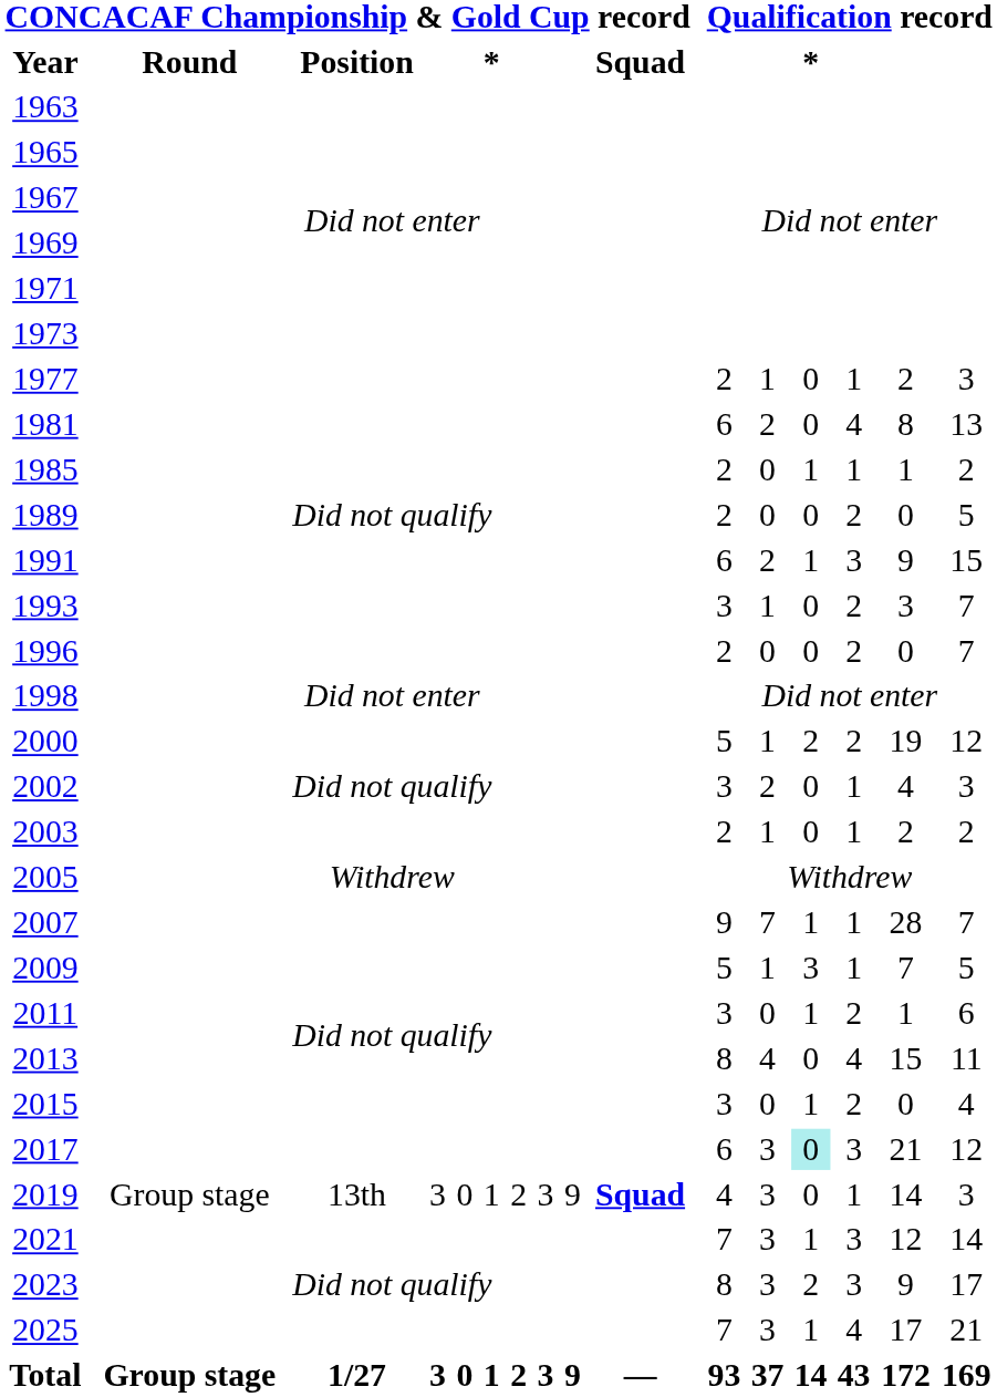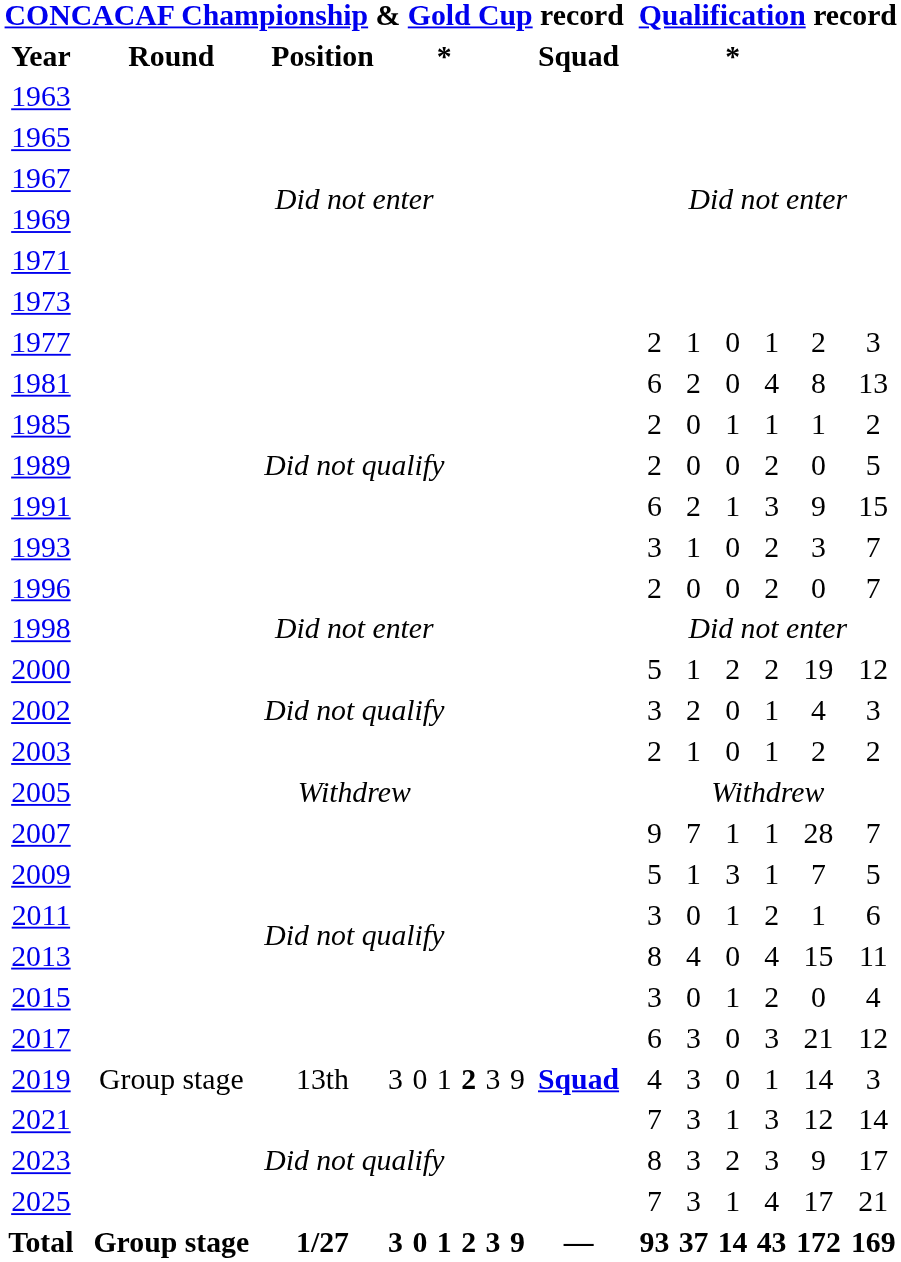 <table style="text-align: center;">
 <tr>
 <th colspan=10><a href='#'>CONCACAF Championship</a> & <a href='#'>Gold Cup</a> record</th>
 <th rowspan="31"></th>
 <th colspan=7><a href='#'>Qualification</a> record</th>
 </tr>
 <tr>
 <th>Year</th>
 <th>Round</th>
 <th>Position</th>
 <th></th>
 <th></th>
 <th>*</th>
 <th></th>
 <th></th>
 <th></th>
 <th>Squad</th>
 <th></th>
 <th></th>
 <th>*</th>
 <th></th>
 <th></th>
 <th></th>
 </tr>
 <tr>
 <td> <a href='#'>1963</a></td>
 <td colspan=9 rowspan=6><em>Did not enter</em></td>
 <td colspan=6 rowspan=6><em>Did not enter</em></td>
 </tr>
 <tr>
 <td> <a href='#'>1965</a></td>
 </tr>
 <tr>
 <td> <a href='#'>1967</a></td>
 </tr>
 <tr>
 <td> <a href='#'>1969</a></td>
 </tr>
 <tr>
 <td> <a href='#'>1971</a></td>
 </tr>
 <tr>
 <td> <a href='#'>1973</a></td>
 </tr>
 <tr>
 <td> <a href='#'>1977</a></td>
 <td colspan=9 rowspan=7><em>Did not qualify</em></td>
 <td>2</td>
 <td>1</td>
 <td>0</td>
 <td>1</td>
 <td>2</td>
 <td>3</td>
 </tr>
 <tr>
 <td> <a href='#'>1981</a></td>
 <td>6</td>
 <td>2</td>
 <td>0</td>
 <td>4</td>
 <td>8</td>
 <td>13</td>
 </tr>
 <tr>
 <td><a href='#'>1985</a></td>
 <td>2</td>
 <td>0</td>
 <td>1</td>
 <td>1</td>
 <td>1</td>
 <td>2</td>
 </tr>
 <tr>
 <td><a href='#'>1989</a></td>
 <td>2</td>
 <td>0</td>
 <td>0</td>
 <td>2</td>
 <td>0</td>
 <td>5</td>
 </tr>
 <tr>
 <td> <a href='#'>1991</a></td>
 <td>6</td>
 <td>2</td>
 <td>1</td>
 <td>3</td>
 <td>9</td>
 <td>15</td>
 </tr>
 <tr>
 <td>  <a href='#'>1993</a></td>
 <td>3</td>
 <td>1</td>
 <td>0</td>
 <td>2</td>
 <td>3</td>
 <td>7</td>
 </tr>
 <tr>
 <td> <a href='#'>1996</a></td>
 <td>2</td>
 <td>0</td>
 <td>0</td>
 <td>2</td>
 <td>0</td>
 <td>7</td>
 </tr>
 <tr>
 <td> <a href='#'>1998</a></td>
 <td colspan=9><em>Did not enter</em></td>
 <td colspan=6><em>Did not enter</em></td>
 </tr>
 <tr>
 <td> <a href='#'>2000</a></td>
 <td colspan=9 rowspan=3><em>Did not qualify</em></td>
 <td>5</td>
 <td>1</td>
 <td>2</td>
 <td>2</td>
 <td>19</td>
 <td>12</td>
 </tr>
 <tr>
 <td> <a href='#'>2002</a></td>
 <td>3</td>
 <td>2</td>
 <td>0</td>
 <td>1</td>
 <td>4</td>
 <td>3</td>
 </tr>
 <tr>
 <td>  <a href='#'>2003</a></td>
 <td>2</td>
 <td>1</td>
 <td>0</td>
 <td>1</td>
 <td>2</td>
 <td>2</td>
 </tr>
 <tr>
 <td> <a href='#'>2005</a></td>
 <td colspan=9><em>Withdrew</em></td>
 <td colspan=6><em>Withdrew</em></td>
 </tr>
 <tr>
 <td> <a href='#'>2007</a></td>
 <td colspan=9 rowspan=6><em>Did not qualify</em></td>
 <td>9</td>
 <td>7</td>
 <td>1</td>
 <td>1</td>
 <td>28</td>
 <td>7</td>
 </tr>
 <tr>
 <td> <a href='#'>2009</a></td>
 <td>5</td>
 <td>1</td>
 <td>3</td>
 <td>1</td>
 <td>7</td>
 <td>5</td>
 </tr>
 <tr>
 <td> <a href='#'>2011</a></td>
 <td>3</td>
 <td>0</td>
 <td>1</td>
 <td>2</td>
 <td>1</td>
 <td>6</td>
 </tr>
 <tr>
 <td> <a href='#'>2013</a></td>
 <td>8</td>
 <td>4</td>
 <td>0</td>
 <td>4</td>
 <td>15</td>
 <td>11</td>
 </tr>
 <tr>
 <td>  <a href='#'>2015</a></td>
 <td>3</td>
 <td>0</td>
 <td>1</td>
 <td>2</td>
 <td>0</td>
 <td>4</td>
 </tr>
 <tr>
 <td> <a href='#'>2017</a></td>
 <td>6</td>
 <td>3</td>
-<td style="background: paleturquoise;">0</td>
+<td>0</td>
 <td>3</td>
 <td>21</td>
 <td>12</td>
 </tr>
 <tr>
 <td>   <a href='#'>2019</a></td>
 <td>Group stage</td>
 <td>13th</td>
 <td>3</td>
 <td>0</td>
 <td>1</td>
-<td>2</td>
+<td><strong>2</strong></td>
 <td>3</td>
 <td>9</td>
 <td><strong><a href='#'>Squad</a></strong></td>
 <td>4</td>
 <td>3</td>
 <td>0</td>
 <td>1</td>
 <td>14</td>
 <td>3</td>
 </tr>
 <tr>
 <td> <a href='#'>2021</a></td>
 <td colspan=9 rowspan=3><em>Did not qualify</em></td>
 <td>7</td>
 <td>3</td>
 <td>1</td>
 <td>3</td>
 <td>12</td>
 <td>14</td>
 </tr>
 <tr>
 <td>  <a href='#'>2023</a></td>
 <td>8</td>
 <td>3</td>
 <td>2</td>
 <td>3</td>
 <td>9</td>
 <td>17</td>
 </tr>
 <tr>
 <td>  <a href='#'>2025</a></td>
 <td>7</td>
 <td>3</td>
 <td>1</td>
 <td>4</td>
 <td>17</td>
 <td>21</td>
 </tr>
 <tr>
 <th>Total</th>
 <th>Group stage</th>
 <th>1/27</th>
 <th>3</th>
 <th>0</th>
 <th>1</th>
 <th>2</th>
 <th>3</th>
 <th>9</th>
 <th>—</th>
 <th>93</th>
 <th>37</th>
 <th>14</th>
 <th>43</th>
 <th>172</th>
 <th>169</th>
 </tr>
 </table>
